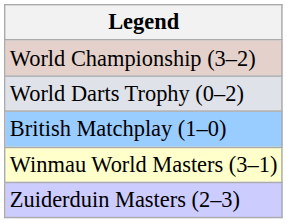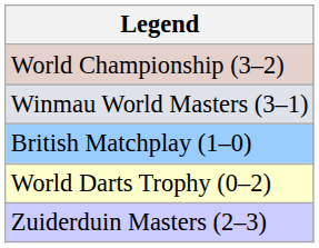 <table class="wikitable">
 <tr>
 <th>Legend</th>
 </tr>
 <tr style="background:#e5d1cb;">
 <td>World Championship (3–2)</td>
 </tr>
 <tr style="background:#dfe2e9;">
-<td>World Darts Trophy (0–2)</td>
+<td>Winmau World Masters (3–1)</td>
 </tr>
 <tr style="background:#9cf;">
 <td>British Matchplay (1–0)</td>
 </tr>
 <tr style="background:#ffc;">
-<td>Winmau World Masters (3–1)</td>
+<td>World Darts Trophy (0–2)</td>
 </tr>
 <tr style="background:#ccf;">
 <td>Zuiderduin Masters (2–3)</td>
 </tr>
 </table>
